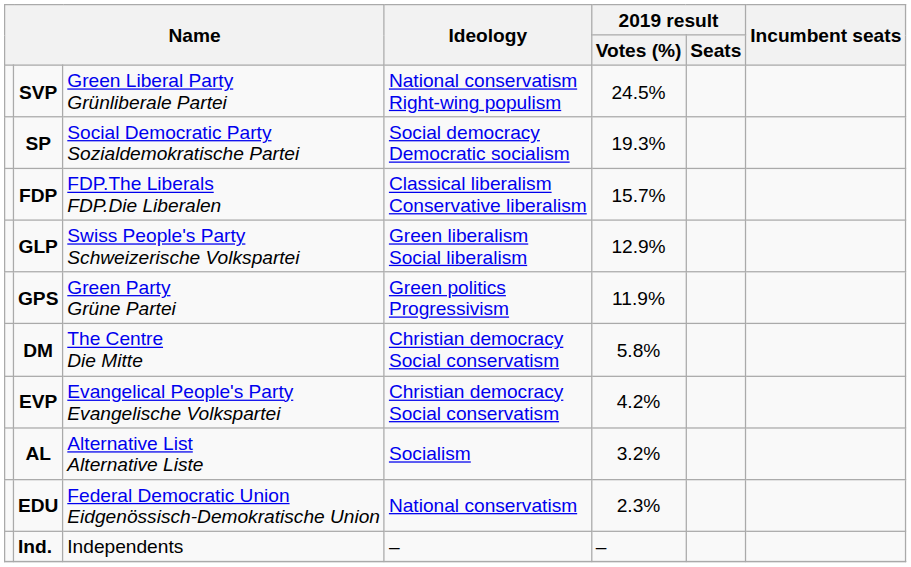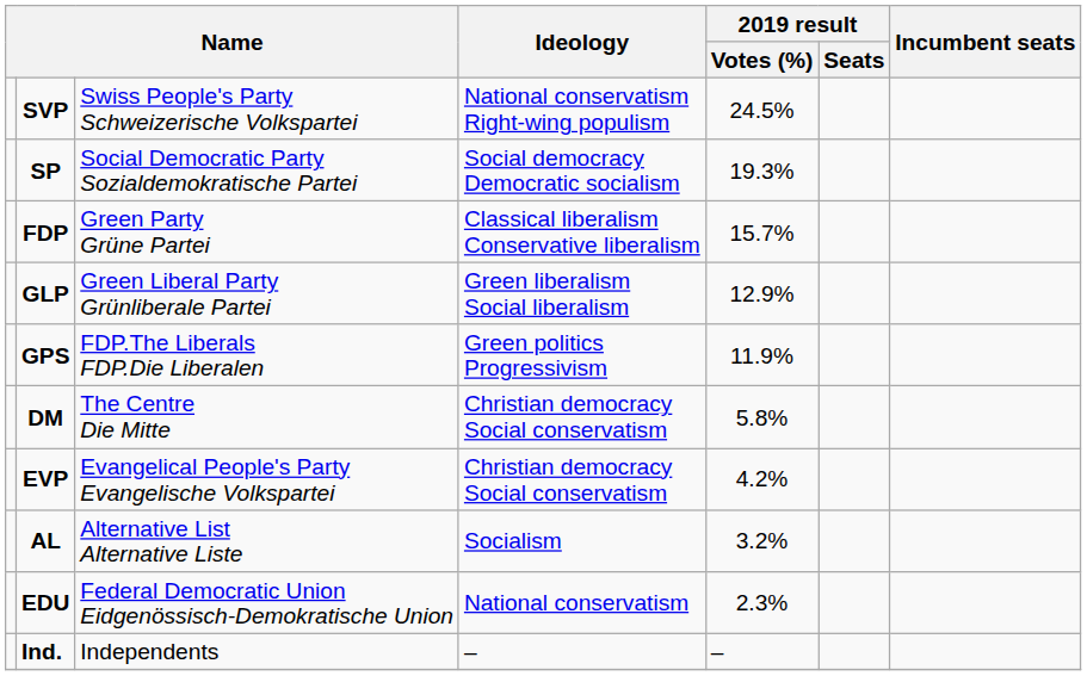 <table class="wikitable" style="font-size:95%;">
 <tr>
 <th colspan="3" rowspan="2">Name</th>
 <th rowspan="2">Ideology</th>
 <th colspan="2">2019 result</th>
 <th rowspan="2">Incumbent seats</th>
 </tr>
 <tr>
 <th>Votes (%)</th>
 <th>Seats</th>
 </tr>
 <tr>
 <td style="background:"></td>
 <td style="text-align:center;"><strong>SVP</strong></td>
-<td><a href='#'>Green Liberal Party</a><br><em>Grünliberale Partei</em></td>
+<td><a href='#'>Swiss People's Party</a><br><em>Schweizerische Volkspartei</em></td>
 <td><a href='#'>National conservatism</a><br><a href='#'>Right-wing populism</a></td>
 <td style="text-align:center;">24.5%</td>
 <td></td>
 <td></td>
 </tr>
 <tr>
 <td style="background:"></td>
 <td style="text-align:center;"><strong>SP</strong></td>
 <td><a href='#'>Social Democratic Party</a><br><em>Sozialdemokratische Partei</em></td>
 <td><a href='#'>Social democracy</a><br><a href='#'>Democratic socialism</a></td>
 <td style="text-align:center;">19.3%</td>
 <td></td>
 <td></td>
 </tr>
 <tr>
 <td style="background:"></td>
 <td style="text-align:center;"><strong>FDP</strong></td>
-<td><a href='#'>FDP.The Liberals</a><br><em>FDP.Die Liberalen</em></td>
+<td><a href='#'>Green Party</a><br><em>Grüne Partei</em></td>
 <td><a href='#'>Classical liberalism</a><br><a href='#'>Conservative liberalism</a></td>
 <td style="text-align:center;">15.7%</td>
 <td></td>
 <td></td>
 </tr>
 <tr>
 <td style="background:"></td>
 <td style="text-align:center;"><strong>GLP</strong></td>
-<td><a href='#'>Swiss People's Party</a><br><em>Schweizerische Volkspartei</em></td>
+<td><a href='#'>Green Liberal Party</a><br><em>Grünliberale Partei</em></td>
 <td><a href='#'>Green liberalism</a><br><a href='#'>Social liberalism</a></td>
 <td style="text-align:center;">12.9%</td>
 <td></td>
 <td></td>
 </tr>
 <tr>
 <td style="background:"></td>
 <td style="text-align:center;"><strong>GPS</strong></td>
-<td><a href='#'>Green Party</a><br><em>Grüne Partei</em></td>
+<td><a href='#'>FDP.The Liberals</a><br><em>FDP.Die Liberalen</em></td>
 <td><a href='#'>Green politics</a><br><a href='#'>Progressivism</a></td>
 <td style="text-align:center;">11.9%</td>
 <td></td>
 <td></td>
 </tr>
 <tr>
 <td style="background:"></td>
 <td style="text-align:center;"><strong>DM</strong></td>
 <td><a href='#'>The Centre</a><br><em>Die Mitte</em></td>
 <td><a href='#'>Christian democracy</a><br><a href='#'>Social conservatism</a></td>
 <td style="text-align:center;">5.8%</td>
 <td></td>
 <td></td>
 </tr>
 <tr>
 <td style="background:"></td>
 <td style="text-align:center;"><strong>EVP</strong></td>
 <td><a href='#'>Evangelical People's Party</a><br><em>Evangelische Volkspartei</em></td>
 <td><a href='#'>Christian democracy</a><br><a href='#'>Social conservatism</a></td>
 <td style="text-align:center;">4.2%</td>
 <td></td>
 <td></td>
 </tr>
 <tr>
 <td style="background:"></td>
 <td style="text-align:center;"><strong>AL</strong></td>
 <td><a href='#'>Alternative List</a><br><em>Alternative Liste</em></td>
 <td><a href='#'>Socialism</a></td>
 <td style="text-align:center;">3.2%</td>
 <td></td>
 <td></td>
 </tr>
 <tr>
 <td style="background:"></td>
 <td style="text-align:center;"><strong>EDU</strong></td>
 <td><a href='#'>Federal Democratic Union</a><br><em>Eidgenössisch-Demokratische Union</em></td>
 <td><a href='#'>National conservatism</a></td>
 <td style="text-align:center;">2.3%</td>
 <td></td>
 <td></td>
 </tr>
 <tr>
 <td></td>
 <td><strong>Ind.</strong></td>
 <td>Independents</td>
 <td>–</td>
 <td>–</td>
 <td></td>
 <td></td>
 </tr>
 <tr>
 </tr>
 </table>
